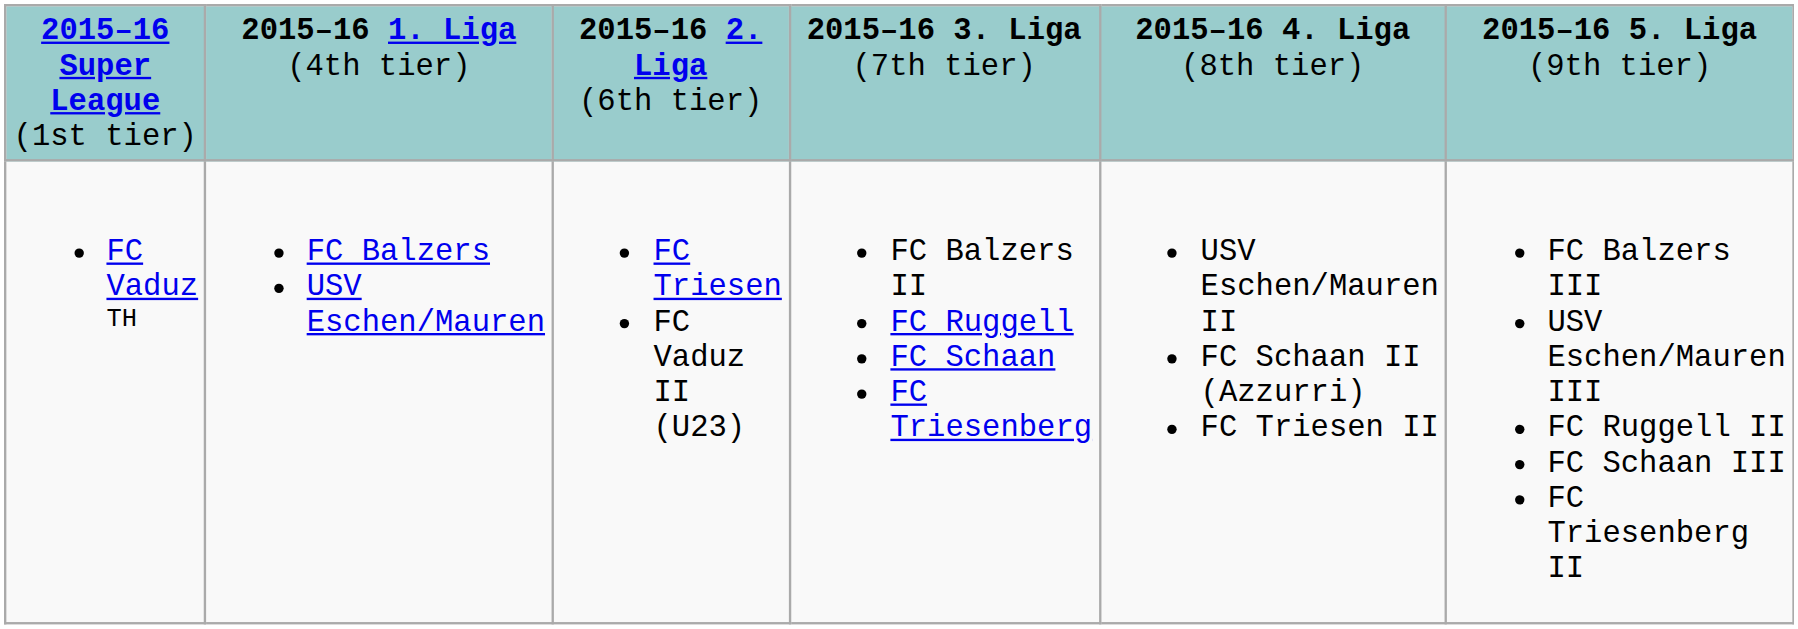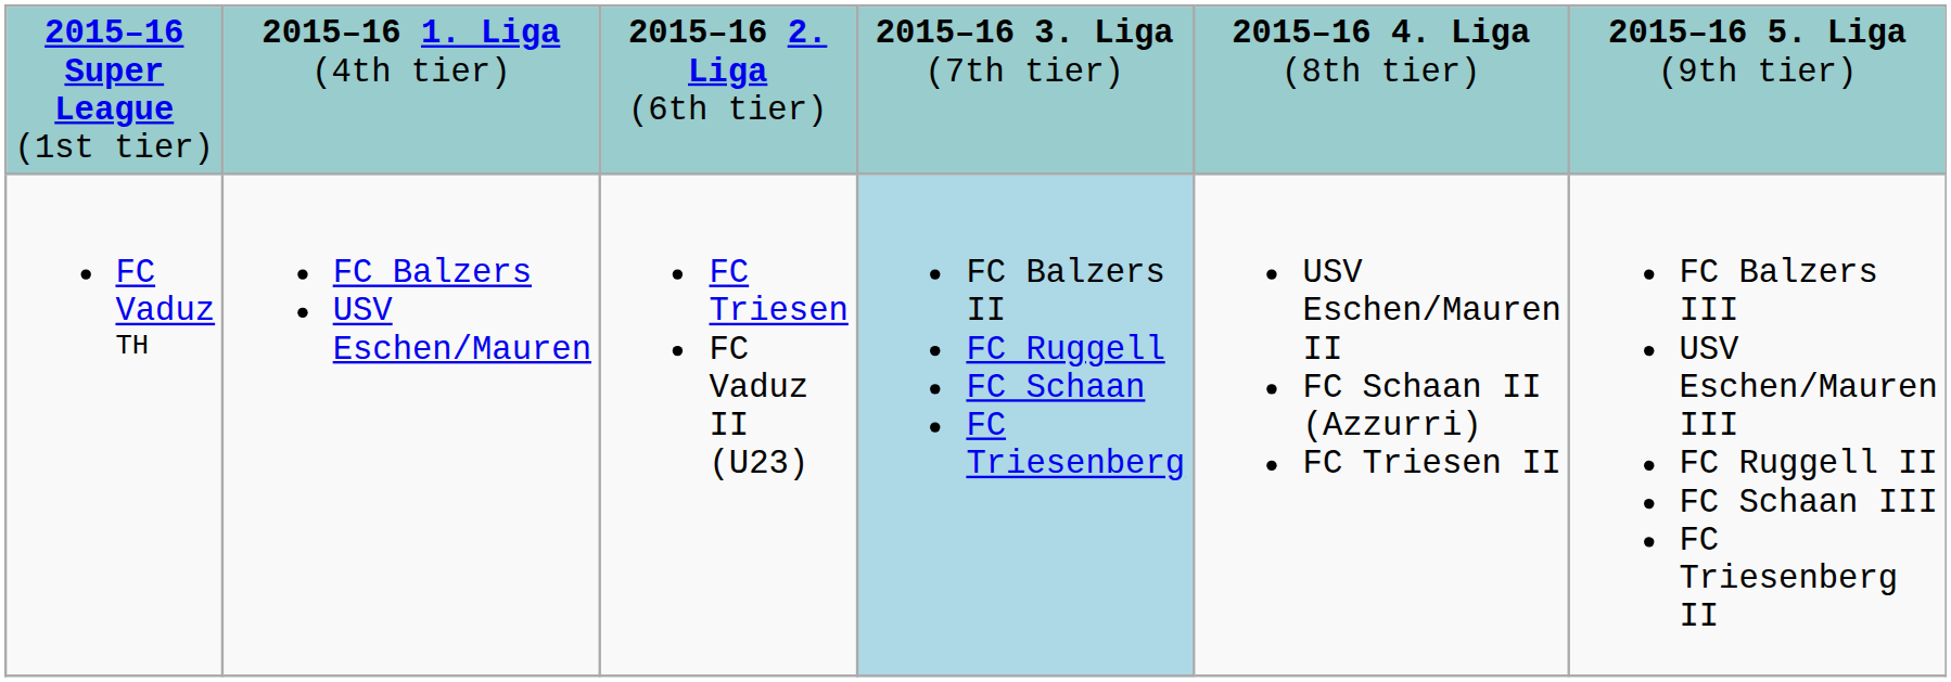 <table class="wikitable">
 <tr valign="top" bgcolor="#99CCCC">
 <td align="center" width="16%"><strong><a href='#'>2015–16 Super League</a></strong><br>(1st tier)</td>
 <td align="center" width="16%"><strong>2015–16 <a href='#'>1. Liga</a></strong><br>(4th tier)</td>
 <td align="center" width="16%"><strong>2015–16 <a href='#'>2. Liga</a></strong><br>(6th tier)</td>
 <td align="center" width="14%"><strong>2015–16 3. Liga</strong><br>(7th tier)</td>
 <td align="center" width="17%"><strong>2015–16 4. Liga</strong><br>(8th tier)</td>
 <td align="center" width="17%"><strong>2015–16 5. Liga</strong><br>(9th tier)</td>
 </tr>
 <tr valign="top">
 <td><br><ul><li><a href='#'>FC Vaduz</a> <sup>TH</sup></li></ul></td>
 <td><br><ul><li><a href='#'>FC Balzers</a></li><li><a href='#'>USV Eschen/Mauren</a></li></ul></td>
 <td><br><ul><li><a href='#'>FC Triesen</a></li><li>FC Vaduz II (U23)</li></ul></td>
-<td><br><ul><li>FC Balzers II</li><li><a href='#'>FC Ruggell</a></li><li><a href='#'>FC Schaan</a></li><li><a href='#'>FC Triesenberg</a></li></ul></td>
+<td style="background: lightblue;"><br><ul><li>FC Balzers II</li><li><a href='#'>FC Ruggell</a></li><li><a href='#'>FC Schaan</a></li><li><a href='#'>FC Triesenberg</a></li></ul></td>
 <td><br><ul><li>USV Eschen/Mauren II</li><li>FC Schaan II (Azzurri)</li><li>FC Triesen II</li></ul></td>
 <td><br><ul><li>FC Balzers III</li><li>USV Eschen/Mauren III</li><li>FC Ruggell II</li><li>FC Schaan III</li><li>FC Triesenberg II</li></ul></td>
 </tr>
 </table>
